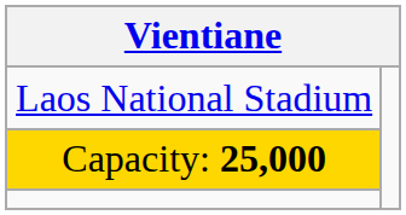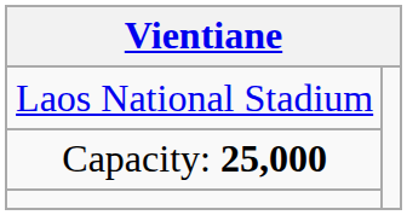 <table class="wikitable" style="margin:1em auto; text-align:center;">
 <tr>
 <th colspan=2><a href='#'>Vientiane</a></th>
 </tr>
 <tr>
 <td><a href='#'>Laos National Stadium</a></td>
 <td rowspan=3></td>
 </tr>
 <tr>
-<td style="background: gold;">Capacity: <strong>25,000</strong></td>
+<td>Capacity: <strong>25,000</strong></td>
 </tr>
 <tr>
 <td></td>
 </tr>
 </table>
